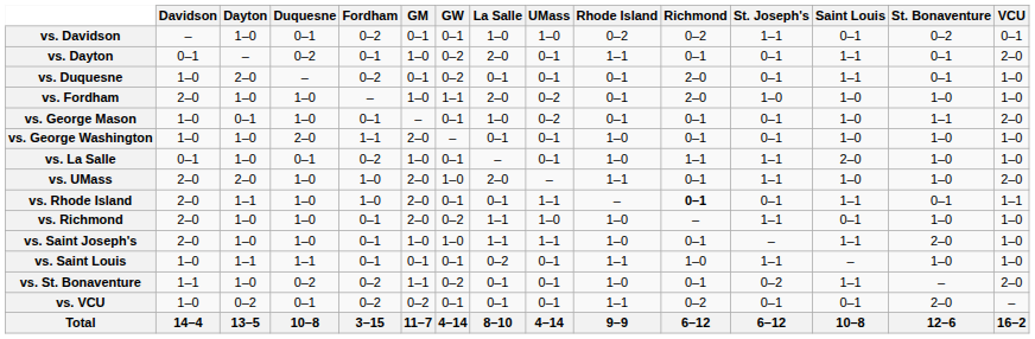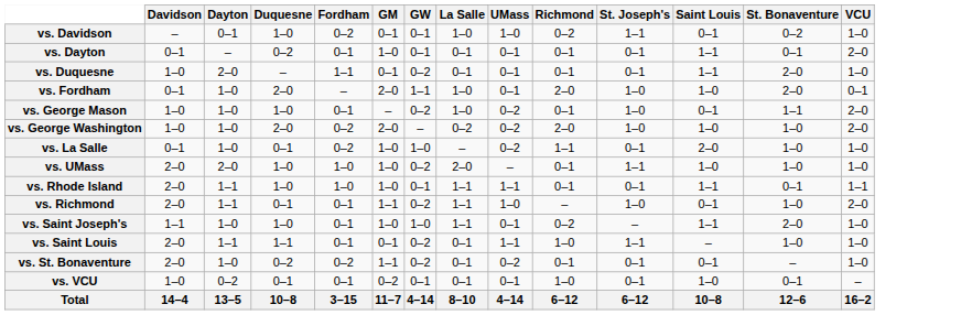 <table class="wikitable" style="white-space:nowrap;font-size:90%;">
 <tr>
 <th colspan=1 style="background:white; border-top-style:hidden; border-left-style:hidden;"   width=75> </th>
 <th style=>Davidson</th>
 <th style="background:#">Dayton</th>
 <th style=>Duquesne</th>
 <th style=>Fordham</th>
 <th style=>GM</th>
 <th style=>GW</th>
 <th style=>La Salle</th>
 <th style=>UMass</th>
-<th style=>Rhode Island</th>
 <th style=>Richmond</th>
 <th style=>St. Joseph's</th>
 <th style=>Saint Louis</th>
 <th style=>St. Bonaventure</th>
 <th style=>VCU</th>
 </tr>
 <tr style="text-align:center;">
 <th>vs. Davidson</th>
 <td>–</td>
+<td>0–1</td>
 <td>1–0</td>
-<td>0–1</td>
 <td>0–2</td>
 <td>0–1</td>
 <td>0–1</td>
 <td>1–0</td>
 <td>1–0</td>
 <td>0–2</td>
-<td>0–2</td>
 <td>1–1</td>
 <td>0–1</td>
 <td>0–2</td>
-<td>0–1</td>
+<td>1–0</td>
 </tr>
 <tr style="text-align:center;">
 <th>vs. Dayton</th>
 <td>0–1</td>
 <td>–</td>
 <td>0–2</td>
 <td>0–1</td>
 <td>1–0</td>
-<td>0–2</td>
-<td>2–0</td>
 <td>0–1</td>
-<td>1–1</td>
+<td>0–1</td>
+<td>0–1</td>
 <td>0–1</td>
 <td>0–1</td>
 <td>1–1</td>
 <td>0–1</td>
 <td>2–0</td>
 </tr>
 <tr style="text-align:center;">
 <th>vs. Duquesne</th>
 <td>1–0</td>
 <td>2–0</td>
 <td>–</td>
-<td>0–2</td>
+<td>1–1</td>
 <td>0–1</td>
 <td>0–2</td>
 <td>0–1</td>
 <td>0–1</td>
 <td>0–1</td>
-<td>2–0</td>
 <td>0–1</td>
 <td>1–1</td>
-<td>0–1</td>
+<td>2–0</td>
 <td>1–0</td>
 </tr>
 <tr style="text-align:center;">
 <th>vs. Fordham</th>
+<td>0–1</td>
+<td>1–0</td>
 <td>2–0</td>
+<td>–</td>
+<td>2–0</td>
+<td>1–1</td>
 <td>1–0</td>
-<td>1–0</td>
-<td>–</td>
-<td>1–0</td>
-<td>1–1</td>
-<td>2–0</td>
-<td>0–2</td>
 <td>0–1</td>
 <td>2–0</td>
 <td>1–0</td>
 <td>1–0</td>
-<td>1–0</td>
-<td>1–0</td>
+<td>2–0</td>
+<td>0–1</td>
 </tr>
 <tr style="text-align:center;">
 <th>vs. George Mason</th>
 <td>1–0</td>
+<td>1–0</td>
+<td>1–0</td>
+<td>0–1</td>
+<td>–</td>
+<td>0–2</td>
+<td>1–0</td>
+<td>0–2</td>
 <td>0–1</td>
 <td>1–0</td>
 <td>0–1</td>
-<td>–</td>
-<td>0–1</td>
-<td>1–0</td>
-<td>0–2</td>
-<td>0–1</td>
-<td>0–1</td>
-<td>0–1</td>
-<td>1–0</td>
 <td>1–1</td>
 <td>2–0</td>
 </tr>
 <tr style="text-align:center;">
 <th>vs. George Washington</th>
 <td>1–0</td>
 <td>1–0</td>
 <td>2–0</td>
-<td>1–1</td>
+<td>0–2</td>
 <td>2–0</td>
 <td>–</td>
-<td>0–1</td>
-<td>0–1</td>
-<td>1–0</td>
-<td>0–1</td>
-<td>0–1</td>
+<td>0–2</td>
+<td>0–2</td>
+<td>2–0</td>
 <td>1–0</td>
 <td>1–0</td>
 <td>1–0</td>
+<td>2–0</td>
 </tr>
 <tr style="text-align:center;">
 <th>vs. La Salle</th>
 <td>0–1</td>
 <td>1–0</td>
 <td>0–1</td>
 <td>0–2</td>
 <td>1–0</td>
+<td>1–0</td>
+<td>–</td>
+<td>0–2</td>
+<td>1–1</td>
 <td>0–1</td>
-<td>–</td>
-<td>0–1</td>
-<td>1–0</td>
-<td>1–1</td>
-<td>1–1</td>
 <td>2–0</td>
 <td>1–0</td>
 <td>1–0</td>
 </tr>
 <tr style="text-align:center;">
 <th>vs. UMass</th>
 <td>2–0</td>
 <td>2–0</td>
 <td>1–0</td>
 <td>1–0</td>
-<td>2–0</td>
 <td>1–0</td>
+<td>0–2</td>
 <td>2–0</td>
 <td>–</td>
-<td>1–1</td>
 <td>0–1</td>
 <td>1–1</td>
 <td>1–0</td>
 <td>1–0</td>
-<td>2–0</td>
+<td>1–0</td>
 </tr>
 <tr style="text-align:center;">
 <th>vs. Rhode Island</th>
 <td>2–0</td>
 <td>1–1</td>
 <td>1–0</td>
 <td>1–0</td>
-<td>2–0</td>
-<td>0–1</td>
+<td>1–0</td>
 <td>0–1</td>
 <td>1–1</td>
-<td>–</td>
-<td><strong>0–1</strong></td>
+<td>1–1</td>
+<td>0–1</td>
 <td>0–1</td>
 <td>1–1</td>
 <td>0–1</td>
 <td>1–1</td>
 </tr>
 <tr style="text-align:center;">
 <th>vs. Richmond</th>
 <td>2–0</td>
-<td>1–0</td>
-<td>1–0</td>
+<td>1–1</td>
 <td>0–1</td>
-<td>2–0</td>
+<td>0–1</td>
+<td>1–1</td>
 <td>0–2</td>
 <td>1–1</td>
 <td>1–0</td>
+<td>–</td>
 <td>1–0</td>
-<td>–</td>
-<td>1–1</td>
 <td>0–1</td>
 <td>1–0</td>
-<td>1–0</td>
+<td>2–0</td>
 </tr>
 <tr style="text-align:center;">
 <th>vs. Saint Joseph's</th>
-<td>2–0</td>
+<td>1–1</td>
 <td>1–0</td>
 <td>1–0</td>
 <td>0–1</td>
 <td>1–0</td>
 <td>1–0</td>
 <td>1–1</td>
-<td>1–1</td>
-<td>1–0</td>
 <td>0–1</td>
+<td>0–2</td>
 <td>–</td>
 <td>1–1</td>
 <td>2–0</td>
 <td>1–0</td>
 </tr>
 <tr style="text-align:center;">
 <th>vs. Saint Louis</th>
-<td>1–0</td>
+<td>2–0</td>
 <td>1–1</td>
 <td>1–1</td>
-<td>0–1</td>
 <td>0–1</td>
 <td>0–1</td>
 <td>0–2</td>
 <td>0–1</td>
 <td>1–1</td>
 <td>1–0</td>
 <td>1–1</td>
 <td>–</td>
 <td>1–0</td>
 <td>1–0</td>
 </tr>
 <tr style="text-align:center;">
 <th>vs. St. Bonaventure</th>
-<td>1–1</td>
+<td>2–0</td>
 <td>1–0</td>
 <td>0–2</td>
 <td>0–2</td>
 <td>1–1</td>
 <td>0–2</td>
 <td>0–1</td>
+<td>0–2</td>
 <td>0–1</td>
+<td>0–1</td>
+<td>0–1</td>
+<td>–</td>
 <td>1–0</td>
-<td>0–1</td>
-<td>0–2</td>
-<td>1–1</td>
-<td>–</td>
-<td>2–0</td>
 </tr>
 <tr style="text-align:center;">
 <th>vs. VCU</th>
 <td>1–0</td>
 <td>0–2</td>
 <td>0–1</td>
-<td>0–2</td>
+<td>0–1</td>
 <td>0–2</td>
 <td>0–1</td>
 <td>0–1</td>
 <td>0–1</td>
-<td>1–1</td>
-<td>0–2</td>
+<td>1–0</td>
 <td>0–1</td>
+<td>1–0</td>
 <td>0–1</td>
-<td>2–0</td>
 <td>–<br></td>
 </tr>
 <tr style="text-align:center;">
 <th>Total</th>
 <th>14–4</th>
 <th>13–5</th>
 <th>10–8</th>
 <th>3–15</th>
 <th>11–7</th>
 <th>4–14</th>
 <th>8–10</th>
 <th>4–14</th>
-<th>9–9</th>
 <th>6–12</th>
 <th>6–12</th>
 <th>10–8</th>
 <th>12–6</th>
 <th>16–2</th>
 </tr>
 </table>
